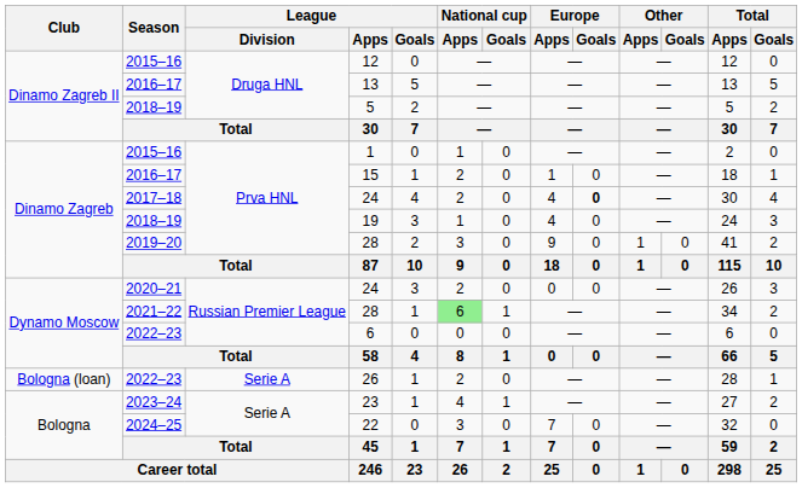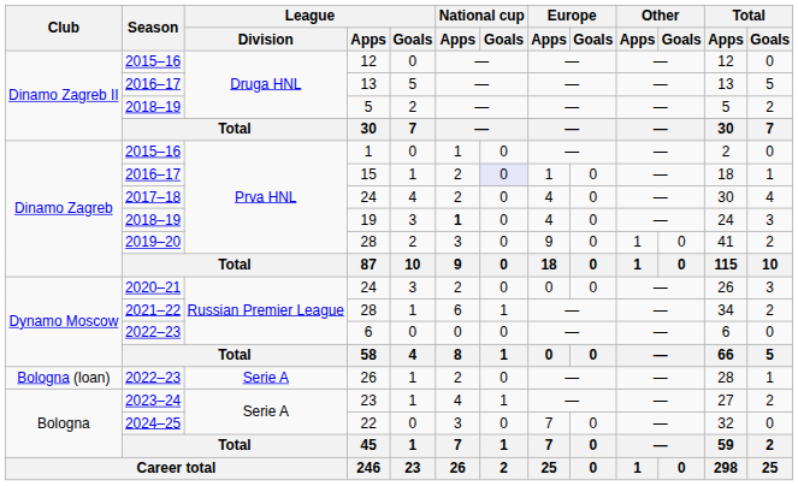 <table class="wikitable" style="text-align: center;">
 <tr>
 <th rowspan="2">Club</th>
 <th rowspan="2">Season</th>
 <th colspan="3">League</th>
 <th colspan="2">National cup</th>
 <th colspan="2">Europe</th>
 <th colspan="2">Other</th>
 <th colspan="2">Total</th>
 </tr>
 <tr>
 <th>Division</th>
 <th>Apps</th>
 <th>Goals</th>
 <th>Apps</th>
 <th>Goals</th>
 <th>Apps</th>
 <th>Goals</th>
 <th>Apps</th>
 <th>Goals</th>
 <th>Apps</th>
 <th>Goals</th>
 </tr>
 <tr>
 <td rowspan="4"><a href='#'>Dinamo Zagreb II</a></td>
 <td><a href='#'>2015–16</a></td>
 <td rowspan="3"><a href='#'>Druga HNL</a></td>
 <td>12</td>
 <td>0</td>
 <td colspan="2">—</td>
 <td colspan="2">—</td>
 <td colspan="2">—</td>
 <td>12</td>
 <td>0</td>
 </tr>
 <tr>
 <td><a href='#'>2016–17</a></td>
 <td>13</td>
 <td>5</td>
 <td colspan="2">—</td>
 <td colspan="2">—</td>
 <td colspan="2">—</td>
 <td>13</td>
 <td>5</td>
 </tr>
 <tr>
 <td><a href='#'>2018–19</a></td>
 <td>5</td>
 <td>2</td>
 <td colspan="2">—</td>
 <td colspan="2">—</td>
 <td colspan="2">—</td>
 <td>5</td>
 <td>2</td>
 </tr>
 <tr>
 <th colspan="2">Total</th>
 <th>30</th>
 <th>7</th>
 <th colspan="2">—</th>
 <th colspan="2">—</th>
 <th colspan="2">—</th>
 <th>30</th>
 <th>7</th>
 </tr>
 <tr>
 <td rowspan="6"><a href='#'>Dinamo Zagreb</a></td>
 <td><a href='#'>2015–16</a></td>
 <td rowspan="5"><a href='#'>Prva HNL</a></td>
 <td>1</td>
 <td>0</td>
 <td>1</td>
 <td>0</td>
 <td colspan="2">—</td>
 <td colspan="2">—</td>
 <td>2</td>
 <td>0</td>
 </tr>
 <tr>
 <td><a href='#'>2016–17</a></td>
 <td>15</td>
 <td>1</td>
 <td>2</td>
-<td>0</td>
+<td style="background: lavender;">0</td>
 <td>1</td>
 <td>0</td>
 <td colspan="2">—</td>
 <td>18</td>
 <td>1</td>
 </tr>
 <tr>
 <td><a href='#'>2017–18</a></td>
 <td>24</td>
 <td>4</td>
 <td>2</td>
 <td>0</td>
 <td>4</td>
-<td><strong>0</strong></td>
+<td>0</td>
 <td colspan="2">—</td>
 <td>30</td>
 <td>4</td>
 </tr>
 <tr>
 <td><a href='#'>2018–19</a></td>
 <td>19</td>
 <td>3</td>
-<td>1</td>
+<td><strong>1</strong></td>
 <td>0</td>
 <td>4</td>
 <td>0</td>
 <td colspan="2">—</td>
 <td>24</td>
 <td>3</td>
 </tr>
 <tr>
 <td><a href='#'>2019–20</a></td>
 <td>28</td>
 <td>2</td>
 <td>3</td>
 <td>0</td>
 <td>9</td>
 <td>0</td>
 <td>1</td>
 <td>0</td>
 <td>41</td>
 <td>2</td>
 </tr>
 <tr>
 <th colspan="2">Total</th>
 <th>87</th>
 <th>10</th>
 <th>9</th>
 <th>0</th>
 <th>18</th>
 <th>0</th>
 <th>1</th>
 <th>0</th>
 <th>115</th>
 <th>10</th>
 </tr>
 <tr>
 <td rowspan="4"><a href='#'>Dynamo Moscow</a></td>
 <td><a href='#'>2020–21</a></td>
 <td rowspan="3"><a href='#'>Russian Premier League</a></td>
 <td>24</td>
 <td>3</td>
 <td>2</td>
 <td>0</td>
 <td>0</td>
 <td>0</td>
 <td colspan="2">—</td>
 <td>26</td>
 <td>3</td>
 </tr>
 <tr>
 <td><a href='#'>2021–22</a></td>
 <td>28</td>
 <td>1</td>
-<td style="background: lightgreen;">6</td>
+<td>6</td>
 <td>1</td>
 <td colspan="2">—</td>
 <td colspan="2">—</td>
 <td>34</td>
 <td>2</td>
 </tr>
 <tr>
 <td><a href='#'>2022–23</a></td>
 <td>6</td>
 <td>0</td>
 <td>0</td>
 <td>0</td>
 <td colspan="2">—</td>
 <td colspan="2">—</td>
 <td>6</td>
 <td>0</td>
 </tr>
 <tr>
 <th colspan="2">Total</th>
 <th>58</th>
 <th>4</th>
 <th>8</th>
 <th>1</th>
 <th>0</th>
 <th>0</th>
 <th colspan="2">—</th>
 <th>66</th>
 <th>5</th>
 </tr>
 <tr>
 <td><a href='#'>Bologna</a> (loan)</td>
 <td><a href='#'>2022–23</a></td>
 <td><a href='#'>Serie A</a></td>
 <td>26</td>
 <td>1</td>
 <td>2</td>
 <td>0</td>
 <td colspan="2">—</td>
 <td colspan="2">—</td>
 <td>28</td>
 <td>1</td>
 </tr>
 <tr>
 <td rowspan="3">Bologna</td>
 <td><a href='#'>2023–24</a></td>
 <td rowspan="2">Serie A</td>
 <td>23</td>
 <td>1</td>
 <td>4</td>
 <td>1</td>
 <td colspan="2">—</td>
 <td colspan="2">—</td>
 <td>27</td>
 <td>2</td>
 </tr>
 <tr>
 <td><a href='#'>2024–25</a></td>
 <td>22</td>
 <td>0</td>
 <td>3</td>
 <td>0</td>
 <td>7</td>
 <td>0</td>
 <td colspan="2">—</td>
 <td>32</td>
 <td>0</td>
 </tr>
 <tr>
 <th colspan="2">Total</th>
 <th>45</th>
 <th>1</th>
 <th>7</th>
 <th>1</th>
 <th>7</th>
 <th>0</th>
 <th colspan="2">—</th>
 <th>59</th>
 <th>2</th>
 </tr>
 <tr>
 <th colspan="3">Career total</th>
 <th>246</th>
 <th>23</th>
 <th>26</th>
 <th>2</th>
 <th>25</th>
 <th>0</th>
 <th>1</th>
 <th>0</th>
 <th>298</th>
 <th>25</th>
 </tr>
 </table>
